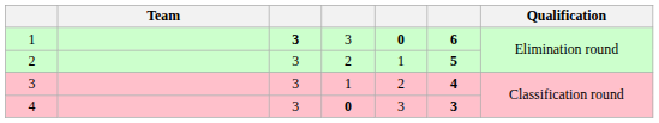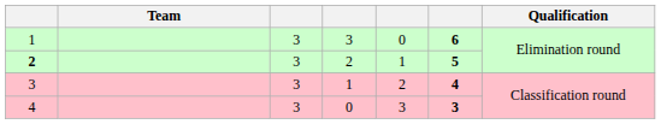 <table class=wikitable style="text-align:center" width=730>
 <tr>
 <th width=5.5%></th>
 <th width=22%>Team</th>
 <th width=5.5%></th>
 <th width=5.5%></th>
 <th width=5.5%></th>
 <th width=5.5%></th>
 <th width=18%>Qualification</th>
 </tr>
 <tr bgcolor=ccffcc>
 <td>1</td>
 <td style="text-align:left"></td>
-<td><strong>3</strong></td>
 <td>3</td>
-<td><strong>0</strong></td>
+<td>3</td>
+<td>0</td>
 <td><strong>6</strong></td>
 <td rowspan=2>Elimination round</td>
 </tr>
 <tr bgcolor=ccffcc>
-<td>2</td>
+<td><strong>2</strong></td>
 <td style="text-align:left"></td>
 <td>3</td>
 <td>2</td>
 <td>1</td>
 <td><strong>5</strong></td>
 </tr>
 <tr bgcolor=pink>
 <td>3</td>
 <td style="text-align:left"></td>
 <td>3</td>
 <td>1</td>
 <td>2</td>
 <td><strong>4</strong></td>
 <td rowspan=2>Classification round</td>
 </tr>
 <tr bgcolor=pink>
 <td>4</td>
 <td style="text-align:left"></td>
 <td>3</td>
-<td><strong>0</strong></td>
+<td>0</td>
 <td>3</td>
 <td><strong>3</strong></td>
 </tr>
 </table>
